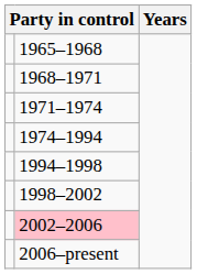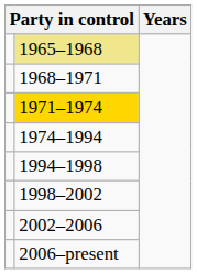 <table class="wikitable">
 <tr>
 <th colspan=2>Party in control</th>
 <th>Years</th>
 </tr>
 <tr>
 <td></td>
-<td>1965–1968</td>
+<td style="background: khaki;">1965–1968</td>
 </tr>
 <tr>
 <td></td>
 <td>1968–1971</td>
 </tr>
 <tr>
 <td></td>
-<td>1971–1974</td>
+<td style="background: gold;">1971–1974</td>
 </tr>
 <tr>
 <td></td>
 <td>1974–1994</td>
 </tr>
 <tr>
 <td></td>
 <td>1994–1998</td>
 </tr>
 <tr>
 <td></td>
 <td>1998–2002</td>
 </tr>
 <tr>
 <td></td>
-<td style="background: pink;">2002–2006</td>
+<td>2002–2006</td>
 </tr>
 <tr>
 <td></td>
 <td>2006–present</td>
 </tr>
 </table>
